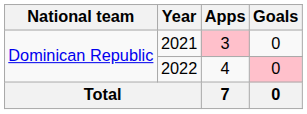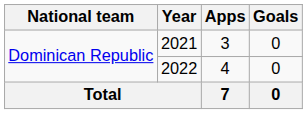 <table class="wikitable" style="text-align:center">
 <tr>
 <th>National team</th>
 <th>Year</th>
 <th>Apps</th>
 <th>Goals</th>
 </tr>
 <tr>
 <td rowspan=2><a href='#'>Dominican Republic</a></td>
 <td>2021</td>
-<td style="background: pink;">3</td>
+<td>3</td>
 <td>0</td>
 </tr>
 <tr>
 <td>2022</td>
 <td>4</td>
-<td style="background: pink;">0</td>
+<td>0</td>
 </tr>
 <tr>
 <th colspan=2>Total</th>
 <th>7</th>
 <th>0</th>
 </tr>
 </table>
